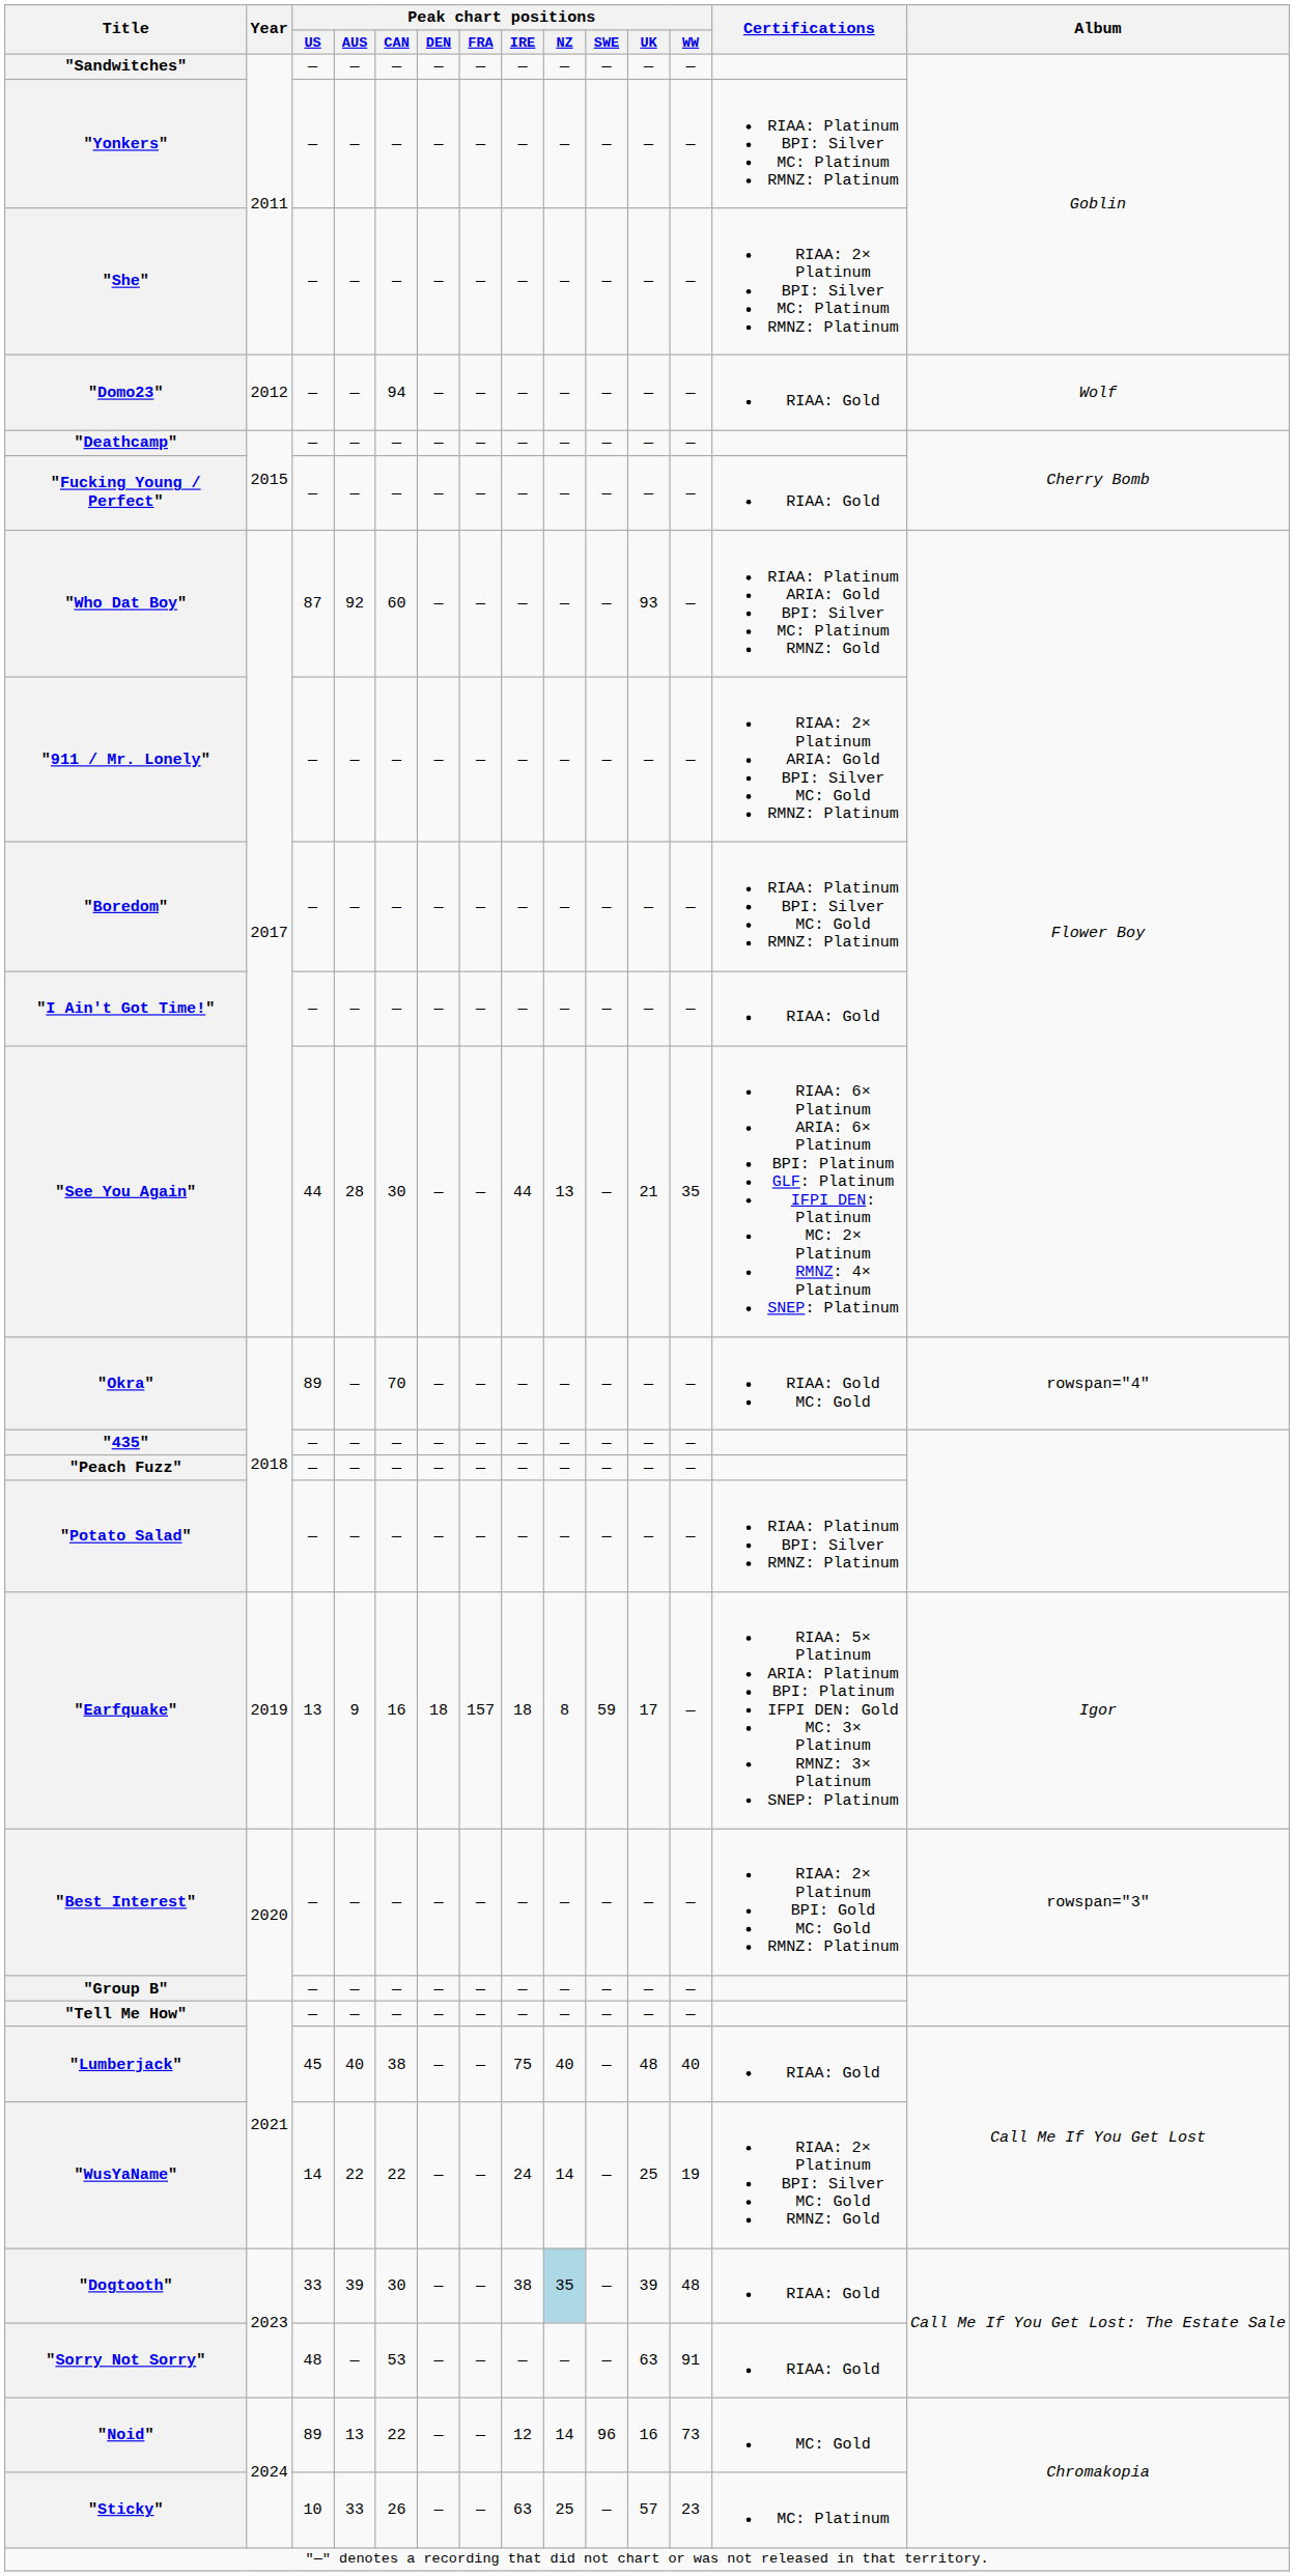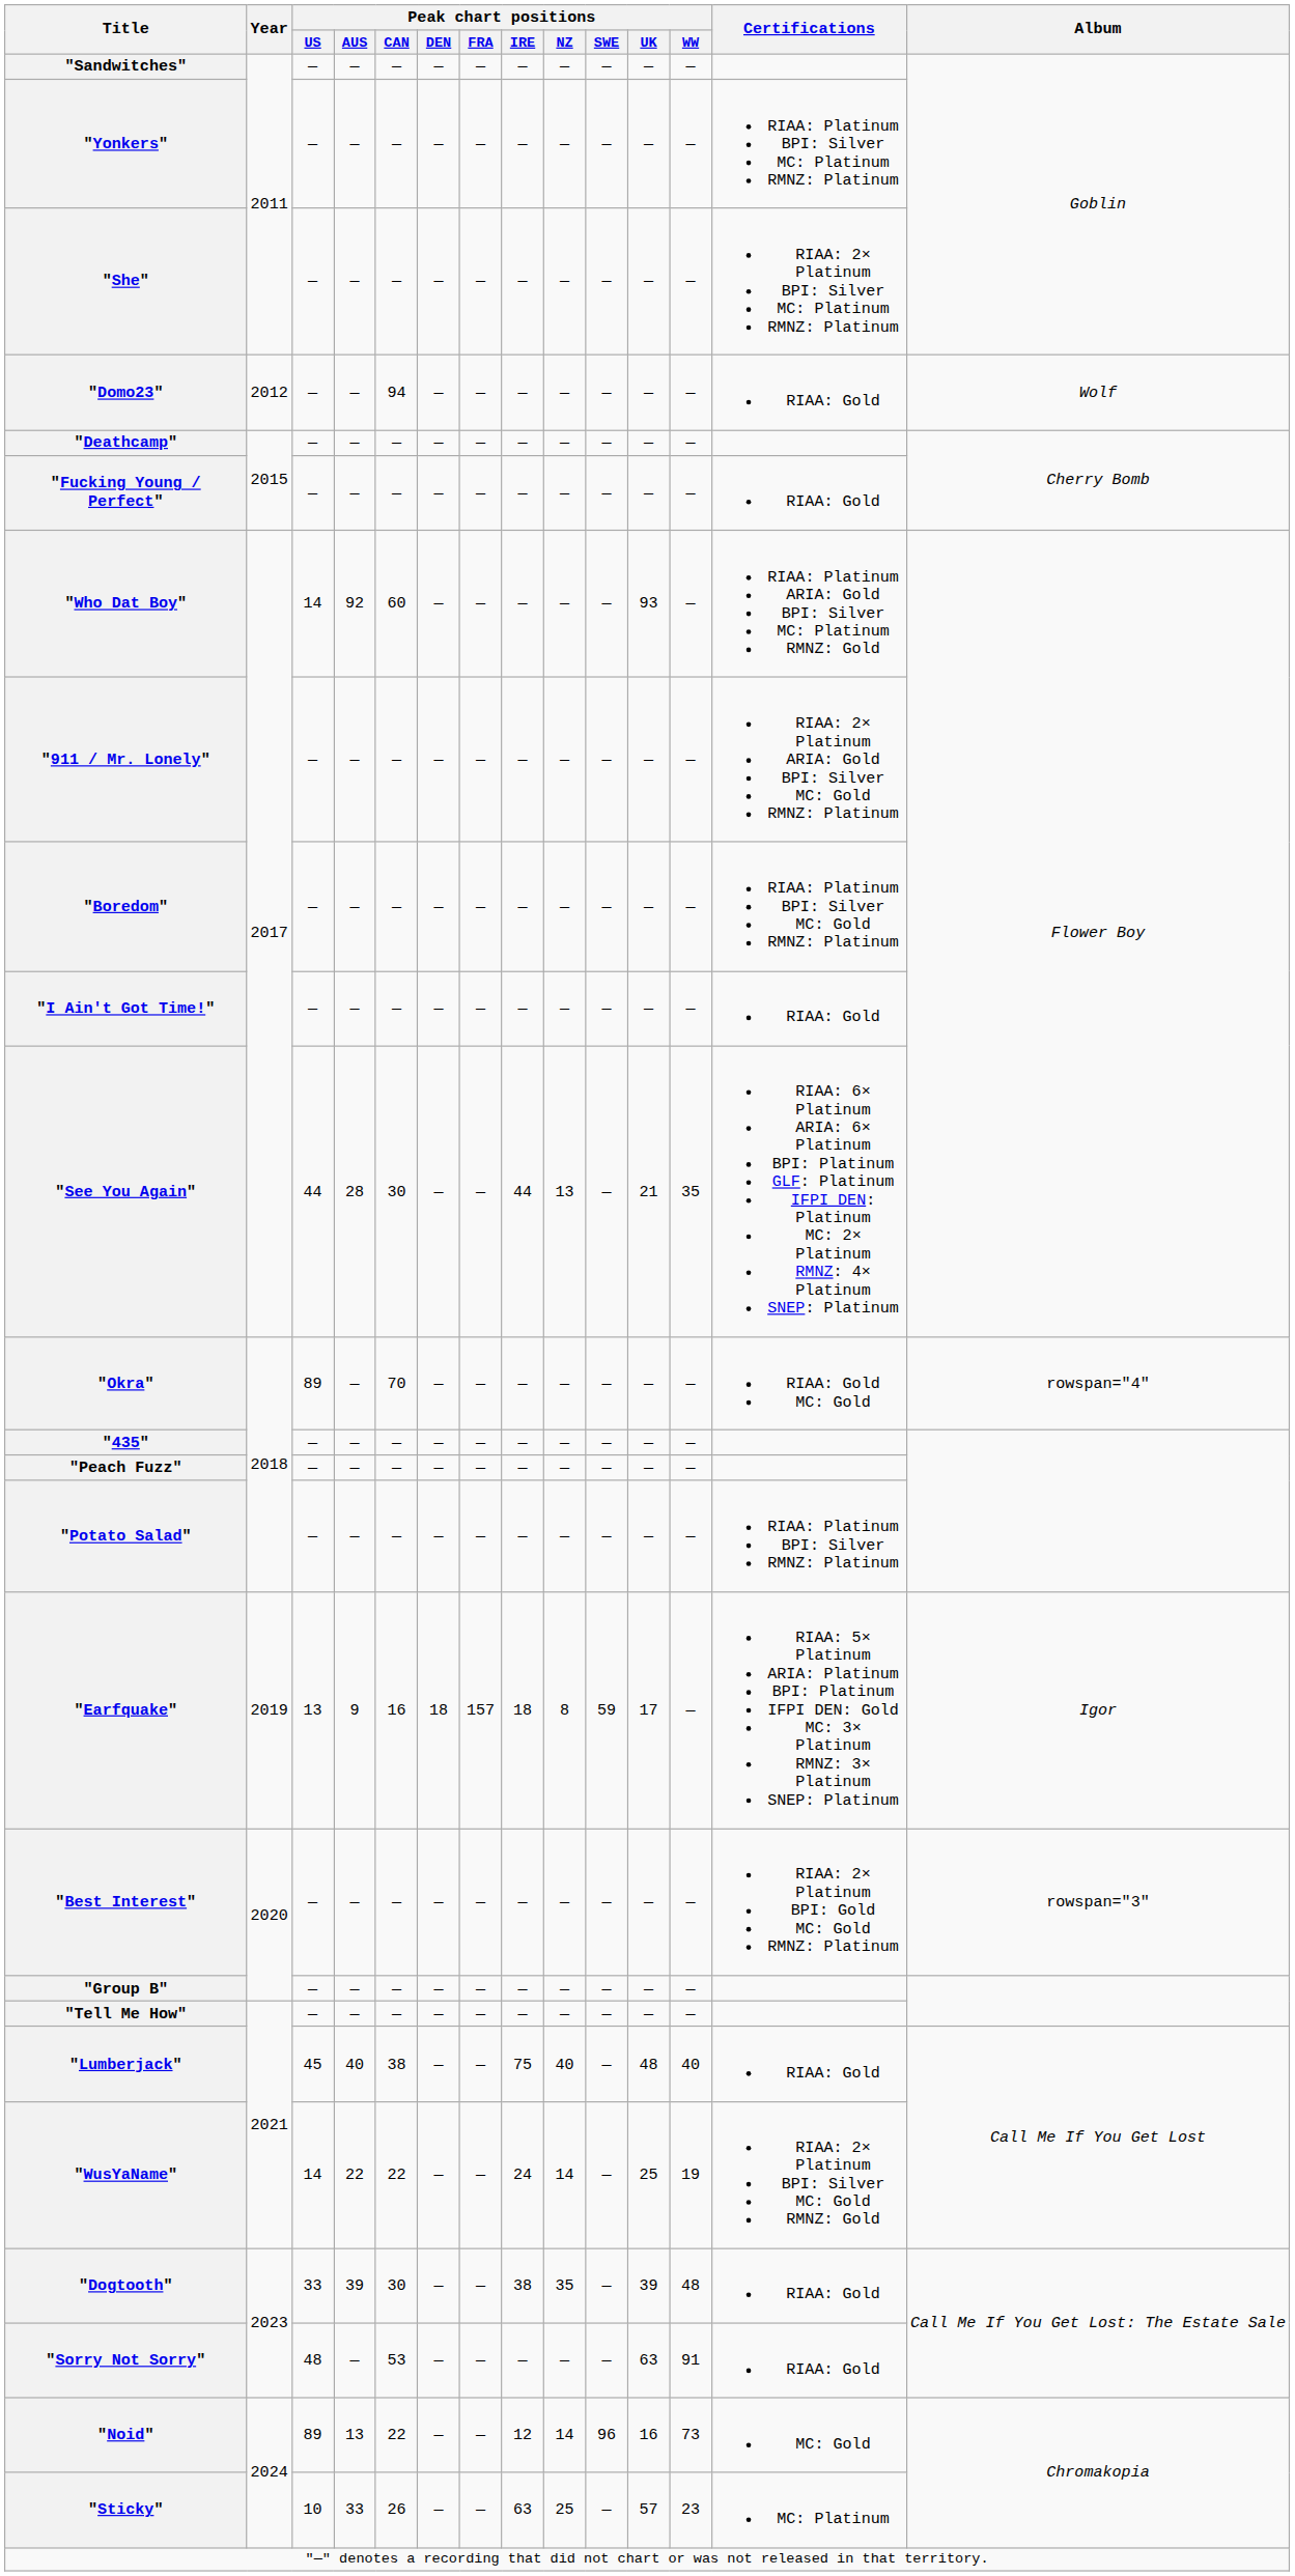 <table class="wikitable plainrowheaders" style="text-align:center;">
 <tr>
 <th scope="col" rowspan="2" style="width:15em;">Title</th>
 <th scope="col" rowspan="2">Year</th>
 <th scope="col" colspan="10">Peak chart positions</th>
 <th scope="col" rowspan="2" style="width:12em;"><a href='#'>Certifications</a></th>
 <th scope="col" rowspan="2">Album</th>
 </tr>
 <tr>
 <th scope="col" style="width:2.5em;font-size:90%;"><a href='#'>US</a><br></th>
 <th scope="col" style="width:2.5em;font-size:90%;"><a href='#'>AUS</a><br></th>
 <th scope="col" style="width:2.5em;font-size:90%;"><a href='#'>CAN</a><br></th>
 <th scope="col" style="width:2.5em;font-size:90%;"><a href='#'>DEN</a><br></th>
 <th scope="col" style="width:2.5em;font-size:90%;"><a href='#'>FRA</a><br></th>
 <th scope="col" style="width:2.5em;font-size:90%;"><a href='#'>IRE</a><br></th>
 <th scope="col" style="width:2.5em;font-size:90%;"><a href='#'>NZ</a><br></th>
 <th scope="col" style="width:2.5em;font-size:90%;"><a href='#'>SWE</a><br></th>
 <th scope="col" style="width:2.5em;font-size:90%;"><a href='#'>UK</a><br></th>
 <th scope="col" style="width:2.5em;font-size:90%;"><a href='#'>WW</a><br></th>
 </tr>
 <tr>
 <th scope="row">"Sandwitches"<br></th>
 <td rowspan="3">2011</td>
 <td>—</td>
 <td>—</td>
 <td>—</td>
 <td>—</td>
 <td>—</td>
 <td>—</td>
 <td>—</td>
 <td>—</td>
 <td>—</td>
 <td>—</td>
 <td></td>
 <td rowspan="3"><em>Goblin</em></td>
 </tr>
 <tr>
 <th scope="row">"<a href='#'>Yonkers</a>"</th>
 <td>—</td>
 <td>—</td>
 <td>—</td>
 <td>—</td>
 <td>—</td>
 <td>—</td>
 <td>—</td>
 <td>—</td>
 <td>—</td>
 <td>—</td>
 <td><br><ul><li>RIAA: Platinum</li><li>BPI: Silver</li><li>MC: Platinum</li><li>RMNZ: Platinum</li></ul></td>
 </tr>
 <tr>
 <th scope="row">"<a href='#'>She</a>"<br></th>
 <td>—</td>
 <td>—</td>
 <td>—</td>
 <td>—</td>
 <td>—</td>
 <td>—</td>
 <td>—</td>
 <td>—</td>
 <td>—</td>
 <td>—</td>
 <td><br><ul><li>RIAA: 2× Platinum</li><li>BPI: Silver</li><li>MC: Platinum</li><li>RMNZ: Platinum</li></ul></td>
 </tr>
 <tr>
 <th scope="row">"<a href='#'>Domo23</a>"</th>
 <td>2012</td>
 <td>—</td>
 <td>—</td>
 <td>94</td>
 <td>—</td>
 <td>—</td>
 <td>—</td>
 <td>—</td>
 <td>—</td>
 <td>—</td>
 <td>—</td>
 <td><br><ul><li>RIAA: Gold</li></ul></td>
 <td><em>Wolf</em></td>
 </tr>
 <tr>
 <th scope="row">"<a href='#'>Deathcamp</a>"</th>
 <td rowspan="2">2015</td>
 <td>—</td>
 <td>—</td>
 <td>—</td>
 <td>—</td>
 <td>—</td>
 <td>—</td>
 <td>—</td>
 <td>—</td>
 <td>—</td>
 <td>—</td>
 <td></td>
 <td rowspan="2"><em>Cherry Bomb</em></td>
 </tr>
 <tr>
 <th scope="row">"<a href='#'>Fucking Young / Perfect</a>"</th>
 <td>—</td>
 <td>—</td>
 <td>—</td>
 <td>—</td>
 <td>—</td>
 <td>—</td>
 <td>—</td>
 <td>—</td>
 <td>—</td>
 <td>—</td>
 <td><br><ul><li>RIAA: Gold</li></ul></td>
 </tr>
 <tr>
 <th scope="row">"<a href='#'>Who Dat Boy</a>"<br></th>
 <td rowspan="5">2017</td>
-<td>87</td>
+<td>14</td>
 <td>92</td>
 <td>60</td>
 <td>—</td>
 <td>—</td>
 <td>—</td>
 <td>—</td>
 <td>—</td>
 <td>93</td>
 <td>—</td>
 <td><br><ul><li>RIAA: Platinum</li><li>ARIA: Gold</li><li>BPI: Silver</li><li>MC: Platinum</li><li>RMNZ: Gold</li></ul></td>
 <td rowspan="5"><em>Flower Boy</em></td>
 </tr>
 <tr>
 <th scope="row">"<a href='#'>911 / Mr. Lonely</a>"</th>
 <td>—</td>
 <td>—</td>
 <td>—</td>
 <td>—</td>
 <td>—</td>
 <td>—</td>
 <td>—</td>
 <td>—</td>
 <td>—</td>
 <td>—</td>
 <td><br><ul><li>RIAA: 2× Platinum</li><li>ARIA: Gold</li><li>BPI: Silver</li><li>MC: Gold</li><li>RMNZ: Platinum</li></ul></td>
 </tr>
 <tr>
 <th scope="row">"<a href='#'>Boredom</a>"<br></th>
 <td>—</td>
 <td>—</td>
 <td>—</td>
 <td>—</td>
 <td>—</td>
 <td>—</td>
 <td>—</td>
 <td>—</td>
 <td>—</td>
 <td>—</td>
 <td><br><ul><li>RIAA: Platinum</li><li>BPI: Silver</li><li>MC: Gold</li><li>RMNZ: Platinum</li></ul></td>
 </tr>
 <tr>
 <th scope="row">"<a href='#'>I Ain't Got Time!</a>"</th>
 <td>—</td>
 <td>—</td>
 <td>—</td>
 <td>—</td>
 <td>—</td>
 <td>—</td>
 <td>—</td>
 <td>—</td>
 <td>—</td>
 <td>—</td>
 <td><br><ul><li>RIAA: Gold</li></ul></td>
 </tr>
 <tr>
 <th scope="row">"<a href='#'>See You Again</a>"<br></th>
 <td>44</td>
 <td>28</td>
 <td>30</td>
 <td>—</td>
 <td>—</td>
 <td>44</td>
 <td>13</td>
 <td>—</td>
 <td>21</td>
 <td>35</td>
 <td><br><ul><li>RIAA: 6× Platinum</li><li>ARIA: 6× Platinum</li><li>BPI: Platinum</li><li><a href='#'>GLF</a>: Platinum</li><li><a href='#'>IFPI DEN</a>: Platinum</li><li>MC: 2× Platinum</li><li><a href='#'>RMNZ</a>: 4× Platinum</li><li><a href='#'>SNEP</a>: Platinum</li></ul></td>
 </tr>
 <tr>
 <th scope="row">"<a href='#'>Okra</a>"</th>
 <td rowspan="4">2018</td>
 <td>89</td>
 <td>—</td>
 <td>70</td>
 <td>—</td>
 <td>—</td>
 <td>—</td>
 <td>—</td>
 <td>—</td>
 <td>—</td>
 <td>—</td>
 <td><br><ul><li>RIAA: Gold</li><li>MC: Gold</li></ul></td>
 <td>rowspan="4" </td>
 </tr>
 <tr>
 <th scope="row">"<a href='#'>435</a>"</th>
 <td>—</td>
 <td>—</td>
 <td>—</td>
 <td>—</td>
 <td>—</td>
 <td>—</td>
 <td>—</td>
 <td>—</td>
 <td>—</td>
 <td>—</td>
 <td></td>
 </tr>
 <tr>
 <th scope="row">"Peach Fuzz"</th>
 <td>—</td>
 <td>—</td>
 <td>—</td>
 <td>—</td>
 <td>—</td>
 <td>—</td>
 <td>—</td>
 <td>—</td>
 <td>—</td>
 <td>—</td>
 <td></td>
 </tr>
 <tr>
 <th scope="row">"<a href='#'>Potato Salad</a>"<br></th>
 <td>—</td>
 <td>—</td>
 <td>—</td>
 <td>—</td>
 <td>—</td>
 <td>—</td>
 <td>—</td>
 <td>—</td>
 <td>—</td>
 <td>—</td>
 <td><br><ul><li>RIAA: Platinum</li><li>BPI: Silver</li><li>RMNZ: Platinum</li></ul></td>
 </tr>
 <tr>
 <th scope="row">"<a href='#'>Earfquake</a>"<br></th>
 <td>2019</td>
 <td>13</td>
 <td>9</td>
 <td>16</td>
 <td>18</td>
 <td>157</td>
 <td>18</td>
 <td>8</td>
 <td>59</td>
 <td>17</td>
 <td>—</td>
 <td><br><ul><li>RIAA: 5× Platinum</li><li>ARIA: Platinum</li><li>BPI: Platinum</li><li>IFPI DEN: Gold</li><li>MC: 3× Platinum</li><li>RMNZ: 3× Platinum</li><li>SNEP: Platinum</li></ul></td>
 <td><em>Igor</em></td>
 </tr>
 <tr>
 <th scope="row">"<a href='#'>Best Interest</a>"</th>
 <td rowspan="2">2020</td>
 <td>—</td>
 <td>—</td>
 <td>—</td>
 <td>—</td>
 <td>—</td>
 <td>—</td>
 <td>—</td>
 <td>—</td>
 <td>—</td>
 <td>—</td>
 <td><br><ul><li>RIAA: 2× Platinum</li><li>BPI: Gold</li><li>MC: Gold</li><li>RMNZ: Platinum</li></ul></td>
 <td>rowspan="3" </td>
 </tr>
 <tr>
 <th scope="row">"Group B"</th>
 <td>—</td>
 <td>—</td>
 <td>—</td>
 <td>—</td>
 <td>—</td>
 <td>—</td>
 <td>—</td>
 <td>—</td>
 <td>—</td>
 <td>—</td>
 <td></td>
 </tr>
 <tr>
 <th scope="row">"Tell Me How"</th>
 <td rowspan="3">2021</td>
 <td>—</td>
 <td>—</td>
 <td>—</td>
 <td>—</td>
 <td>—</td>
 <td>—</td>
 <td>—</td>
 <td>—</td>
 <td>—</td>
 <td>—</td>
 <td></td>
 </tr>
 <tr>
 <th scope="row">"<a href='#'>Lumberjack</a>"</th>
 <td>45</td>
 <td>40</td>
 <td>38</td>
 <td>—</td>
 <td>—</td>
 <td>75</td>
 <td>40</td>
 <td>—</td>
 <td>48</td>
 <td>40</td>
 <td><br><ul><li>RIAA: Gold</li></ul></td>
 <td rowspan="2"><em>Call Me If You Get Lost</em></td>
 </tr>
 <tr>
 <th scope="row">"<a href='#'>WusYaName</a>"<br></th>
 <td>14</td>
 <td>22</td>
 <td>22</td>
 <td>—</td>
 <td>—</td>
 <td>24</td>
 <td>14</td>
 <td>—</td>
 <td>25</td>
 <td>19</td>
 <td><br><ul><li>RIAA: 2× Platinum</li><li>BPI: Silver</li><li>MC: Gold</li><li>RMNZ: Gold</li></ul></td>
 </tr>
 <tr>
 <th scope="row">"<a href='#'>Dogtooth</a>"</th>
 <td rowspan="2">2023</td>
 <td>33</td>
 <td>39</td>
 <td>30</td>
 <td>—</td>
 <td>—</td>
 <td>38</td>
-<td style="background: lightblue;">35</td>
+<td>35</td>
 <td>—</td>
 <td>39</td>
 <td>48</td>
 <td><br><ul><li>RIAA: Gold</li></ul></td>
 <td rowspan="2"><em>Call Me If You Get Lost: The Estate Sale</em></td>
 </tr>
 <tr>
 <th scope="row">"<a href='#'>Sorry Not Sorry</a>"</th>
 <td>48</td>
 <td>—</td>
 <td>53</td>
 <td>—</td>
 <td>—</td>
 <td>—</td>
 <td>—</td>
 <td>—</td>
 <td>63</td>
 <td>91</td>
 <td><br><ul><li>RIAA: Gold</li></ul></td>
 </tr>
 <tr>
 <th scope="row">"<a href='#'>Noid</a>"</th>
 <td rowspan="2">2024</td>
 <td>89</td>
 <td>13<br></td>
 <td>22</td>
 <td>—</td>
 <td>—</td>
 <td>12</td>
 <td>14<br></td>
 <td>96<br></td>
 <td>16</td>
 <td>73</td>
 <td><br><ul><li>MC: Gold</li></ul></td>
 <td rowspan="2"><em>Chromakopia</em></td>
 </tr>
 <tr>
 <th scope="row">"<a href='#'>Sticky</a>"<br></th>
 <td>10</td>
 <td>33<br></td>
 <td>26</td>
 <td>—</td>
 <td>—</td>
 <td>63</td>
 <td>25<br></td>
 <td>—</td>
 <td>57</td>
 <td>23</td>
 <td><br><ul><li>MC: Platinum</li></ul></td>
 </tr>
 <tr>
 <td colspan="14" style="font-size:90%">"—" denotes a recording that did not chart or was not released in that territory.</td>
 </tr>
 </table>
